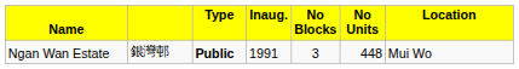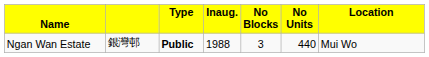 <table class="wikitable">
 <tr style="font-weight:bold;background-color:yellow" align="center" valign="top">
 <td width="143.25" Height="12.75" valign="bottom">Name</td>
 <td width="72.75" valign="top"></td>
 <td width="59.25" valign="top">Type</td>
 <td width="48" valign="top">Inaug.</td>
 <td width="48" valign="top">No Blocks</td>
 <td width="48.75" valign="bottom">No Units</td>
 <td width="150.75" valign="top">Location</td>
 </tr>
 <tr valign="bottom">
 <td Height="12.75">Ngan Wan Estate</td>
 <td>銀灣邨</td>
 <td><strong>Public</strong></td>
-<td>1991</td>
+<td>1988</td>
 <td align="center">3</td>
-<td align="right">448</td>
+<td align="right">440</td>
 <td>Mui Wo</td>
 </tr>
 </table>
